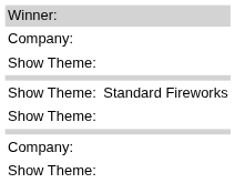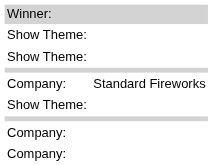 <table border="0" cellpadding="3">
 <tr>
 <td colspan="2" style="background:lightgrey;">Winner:  </td>
 </tr>
 <tr>
-<td>Company:</td>
+<td>Show Theme:</td>
 <td></td>
 </tr>
 <tr>
 <td>Show Theme:</td>
 <td></td>
 </tr>
 <tr>
 <td colspan="2" style="background:lightgrey;"></td>
 </tr>
 <tr>
-<td>Show Theme:</td>
+<td>Company:</td>
 <td>Standard Fireworks</td>
 </tr>
 <tr>
 <td>Show Theme:</td>
 <td></td>
 </tr>
 <tr>
 <td colspan="2" style="background:lightgrey;"></td>
 </tr>
 <tr>
 <td>Company:</td>
 <td></td>
 </tr>
 <tr>
-<td>Show Theme:</td>
+<td>Company:</td>
 <td></td>
 </tr>
 </table>
